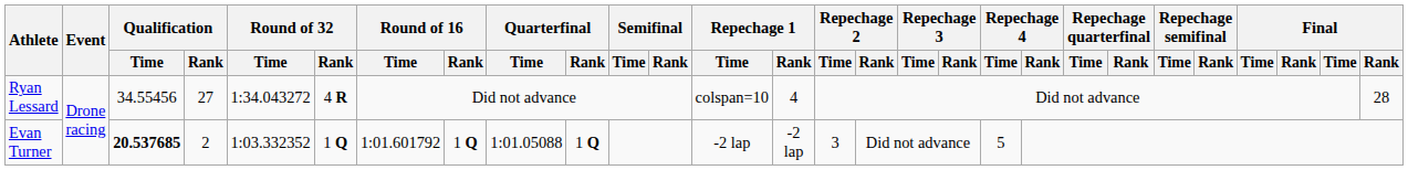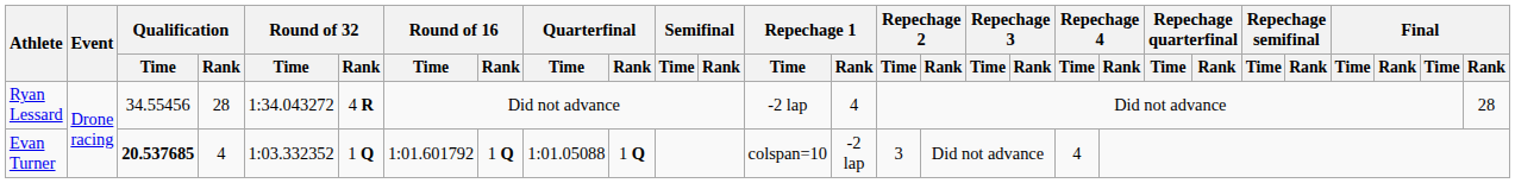 <table class=wikitable style=font-size:90%;text-align:center>
 <tr>
 <th rowspan=2>Athlete</th>
 <th rowspan=2>Event</th>
 <th colspan=2>Qualification</th>
 <th colspan=2>Round of 32</th>
 <th colspan=2>Round of 16</th>
 <th colspan=2>Quarterfinal</th>
 <th colspan=2>Semifinal</th>
 <th colspan=2>Repechage 1</th>
 <th colspan=2>Repechage 2</th>
 <th colspan=2>Repechage 3</th>
 <th colspan=2>Repechage 4</th>
 <th colspan=2>Repechage quarterfinal</th>
 <th colspan=2>Repechage semifinal</th>
 <th colspan=4>Final</th>
 </tr>
 <tr style=font-size:95%>
 <th>Time</th>
 <th>Rank</th>
 <th>Time</th>
 <th>Rank</th>
 <th>Time</th>
 <th>Rank</th>
 <th>Time</th>
 <th>Rank</th>
 <th>Time</th>
 <th>Rank</th>
 <th>Time</th>
 <th>Rank</th>
 <th>Time</th>
 <th>Rank</th>
 <th>Time</th>
 <th>Rank</th>
 <th>Time</th>
 <th>Rank</th>
 <th>Time</th>
 <th>Rank</th>
 <th>Time</th>
 <th>Rank</th>
 <th>Time</th>
 <th>Rank</th>
 <th>Time</th>
 <th>Rank</th>
 </tr>
 <tr>
 <td align=left><a href='#'>Ryan Lessard</a></td>
 <td align=left rowspan=2><a href='#'>Drone racing</a></td>
 <td>34.55456</td>
-<td>27</td>
+<td>28</td>
 <td>1:34.043272</td>
 <td>4 <strong>R</strong></td>
 <td colspan=6>Did not advance</td>
-<td>colspan=10 </td>
+<td>-2 lap</td>
 <td>4</td>
 <td colspan=13>Did not advance</td>
 <td>28</td>
 </tr>
 <tr>
 <td align=left><a href='#'>Evan Turner</a></td>
 <td><strong>20.537685</strong></td>
-<td>2</td>
+<td>4</td>
 <td>1:03.332352</td>
 <td>1 <strong>Q</strong></td>
 <td>1:01.601792</td>
 <td>1 <strong>Q</strong></td>
 <td>1:01.05088</td>
 <td>1 <strong>Q</strong></td>
 <td colspan=2></td>
-<td>-2 lap</td>
+<td>colspan=10 </td>
 <td>-2 lap</td>
 <td>3</td>
 <td colspan=3>Did not advance</td>
-<td>5</td>
+<td>4</td>
 </tr>
 </table>
